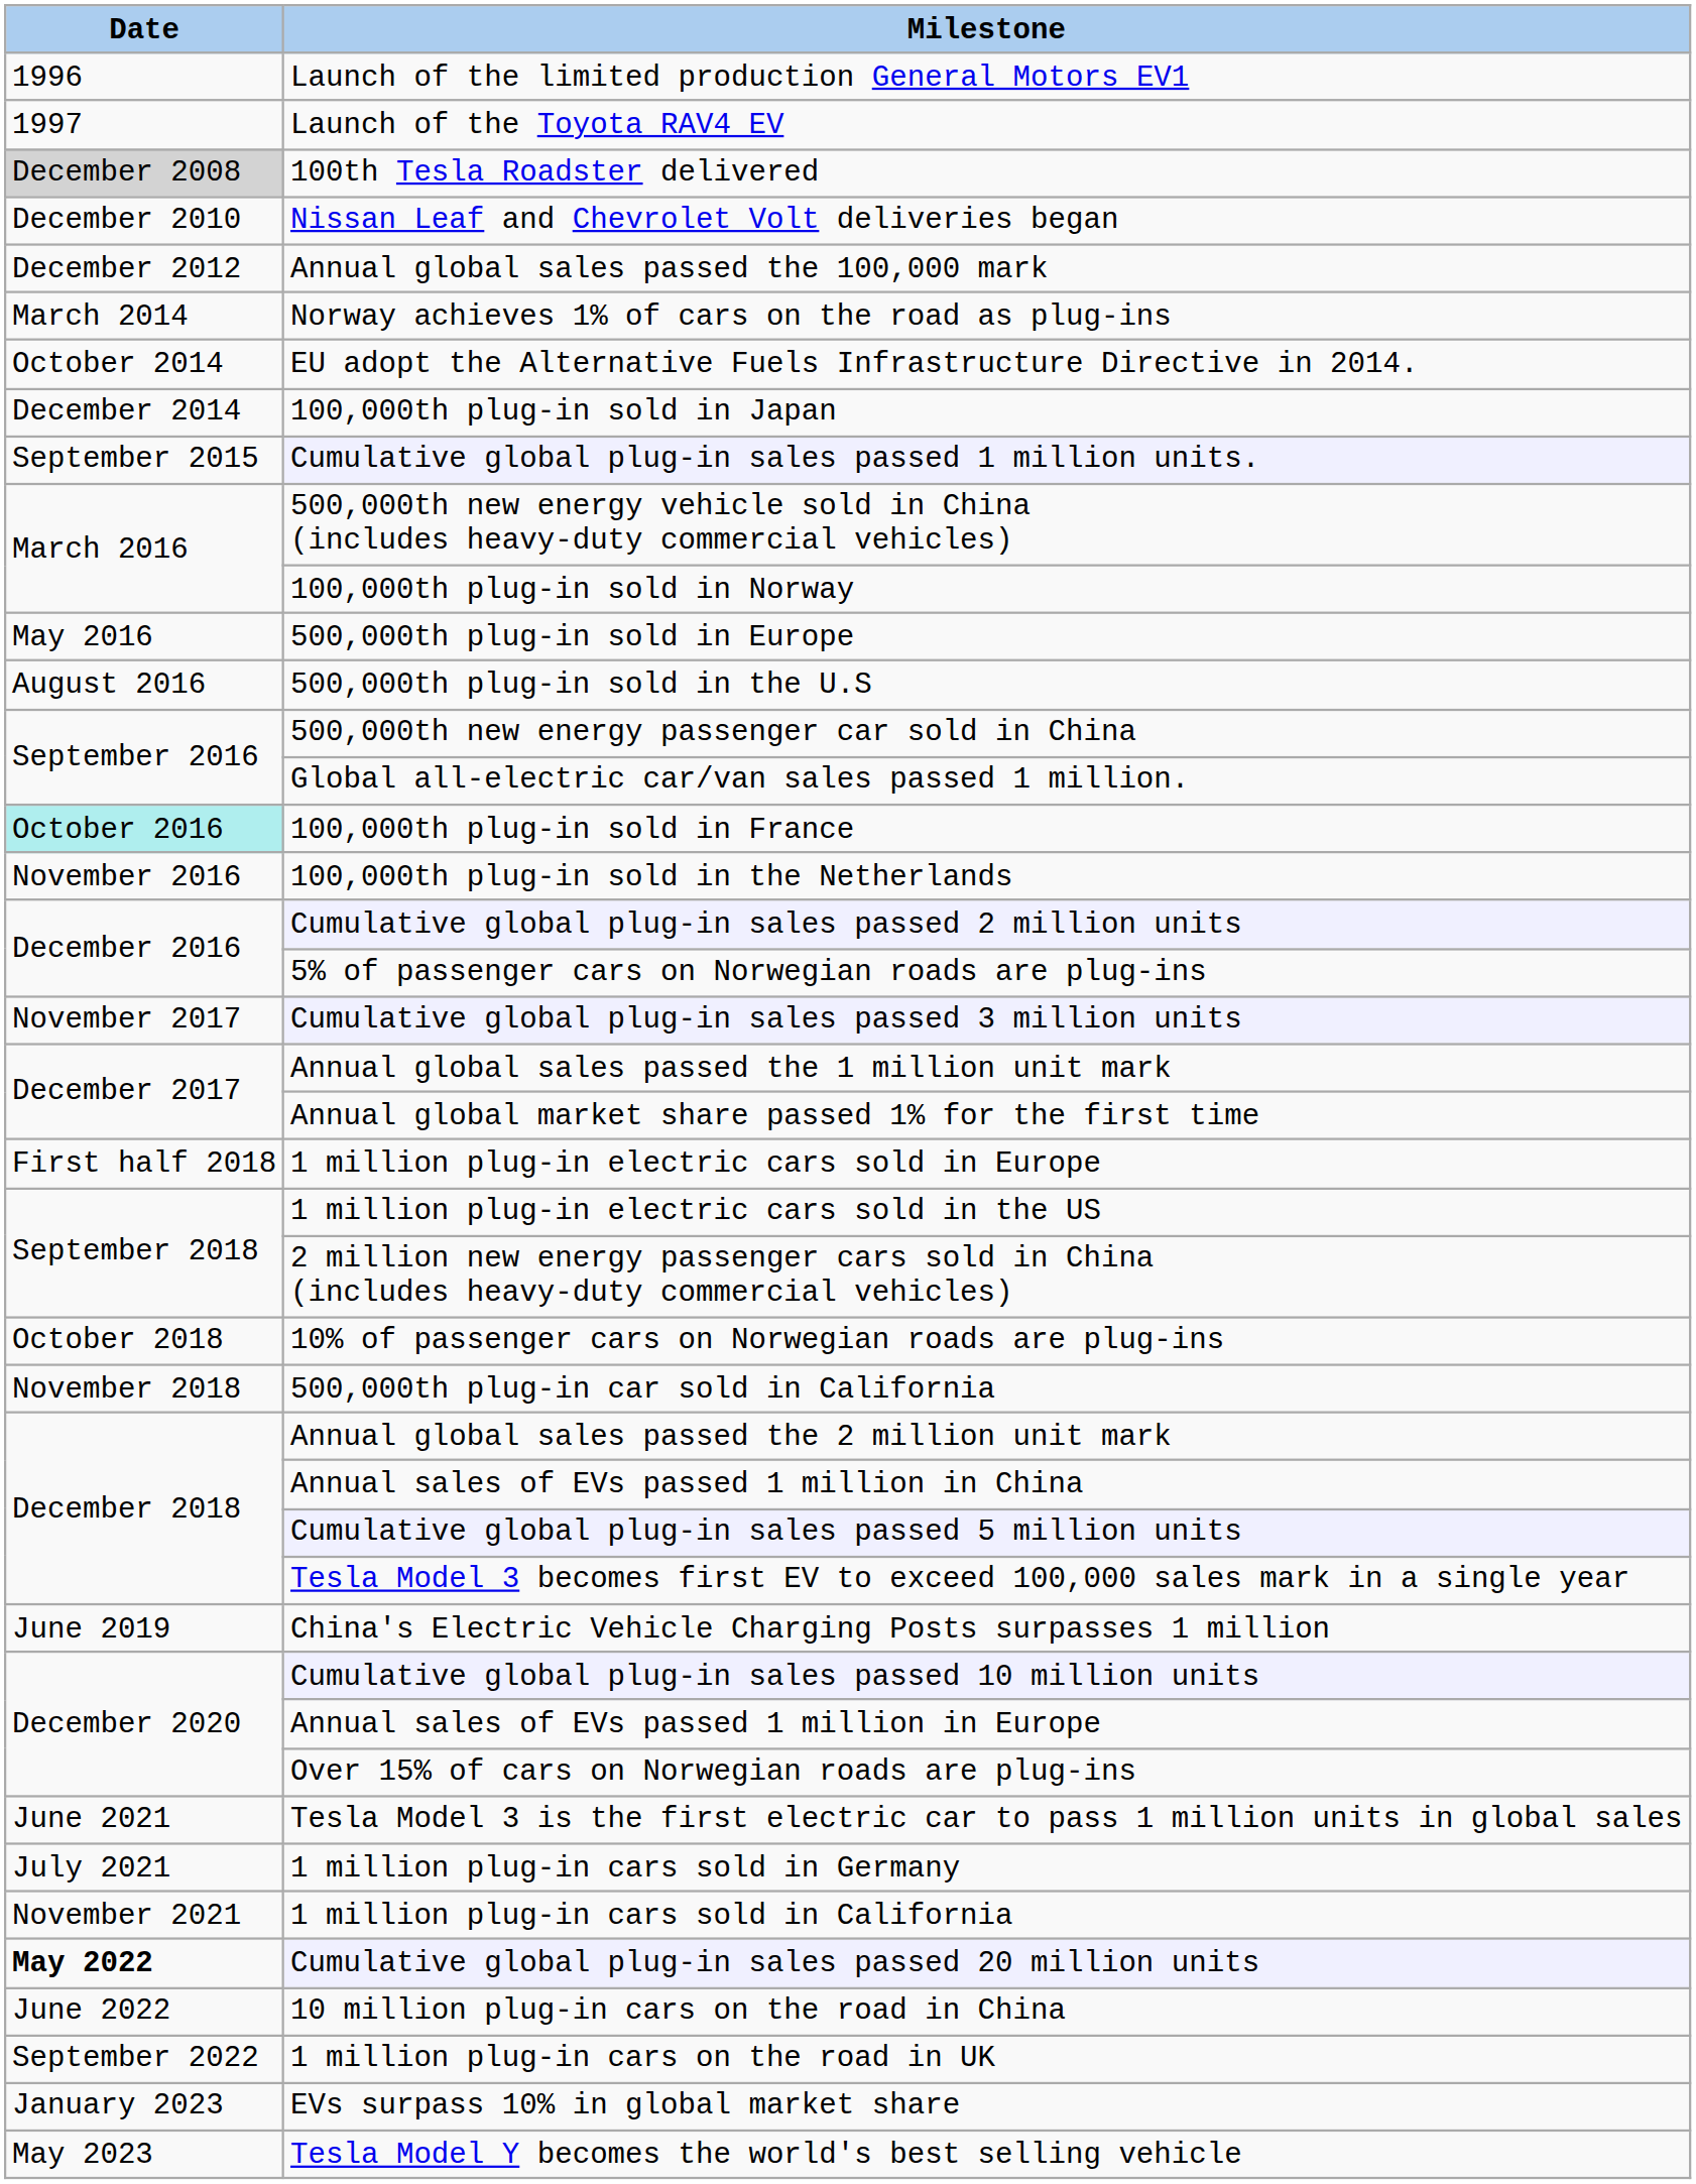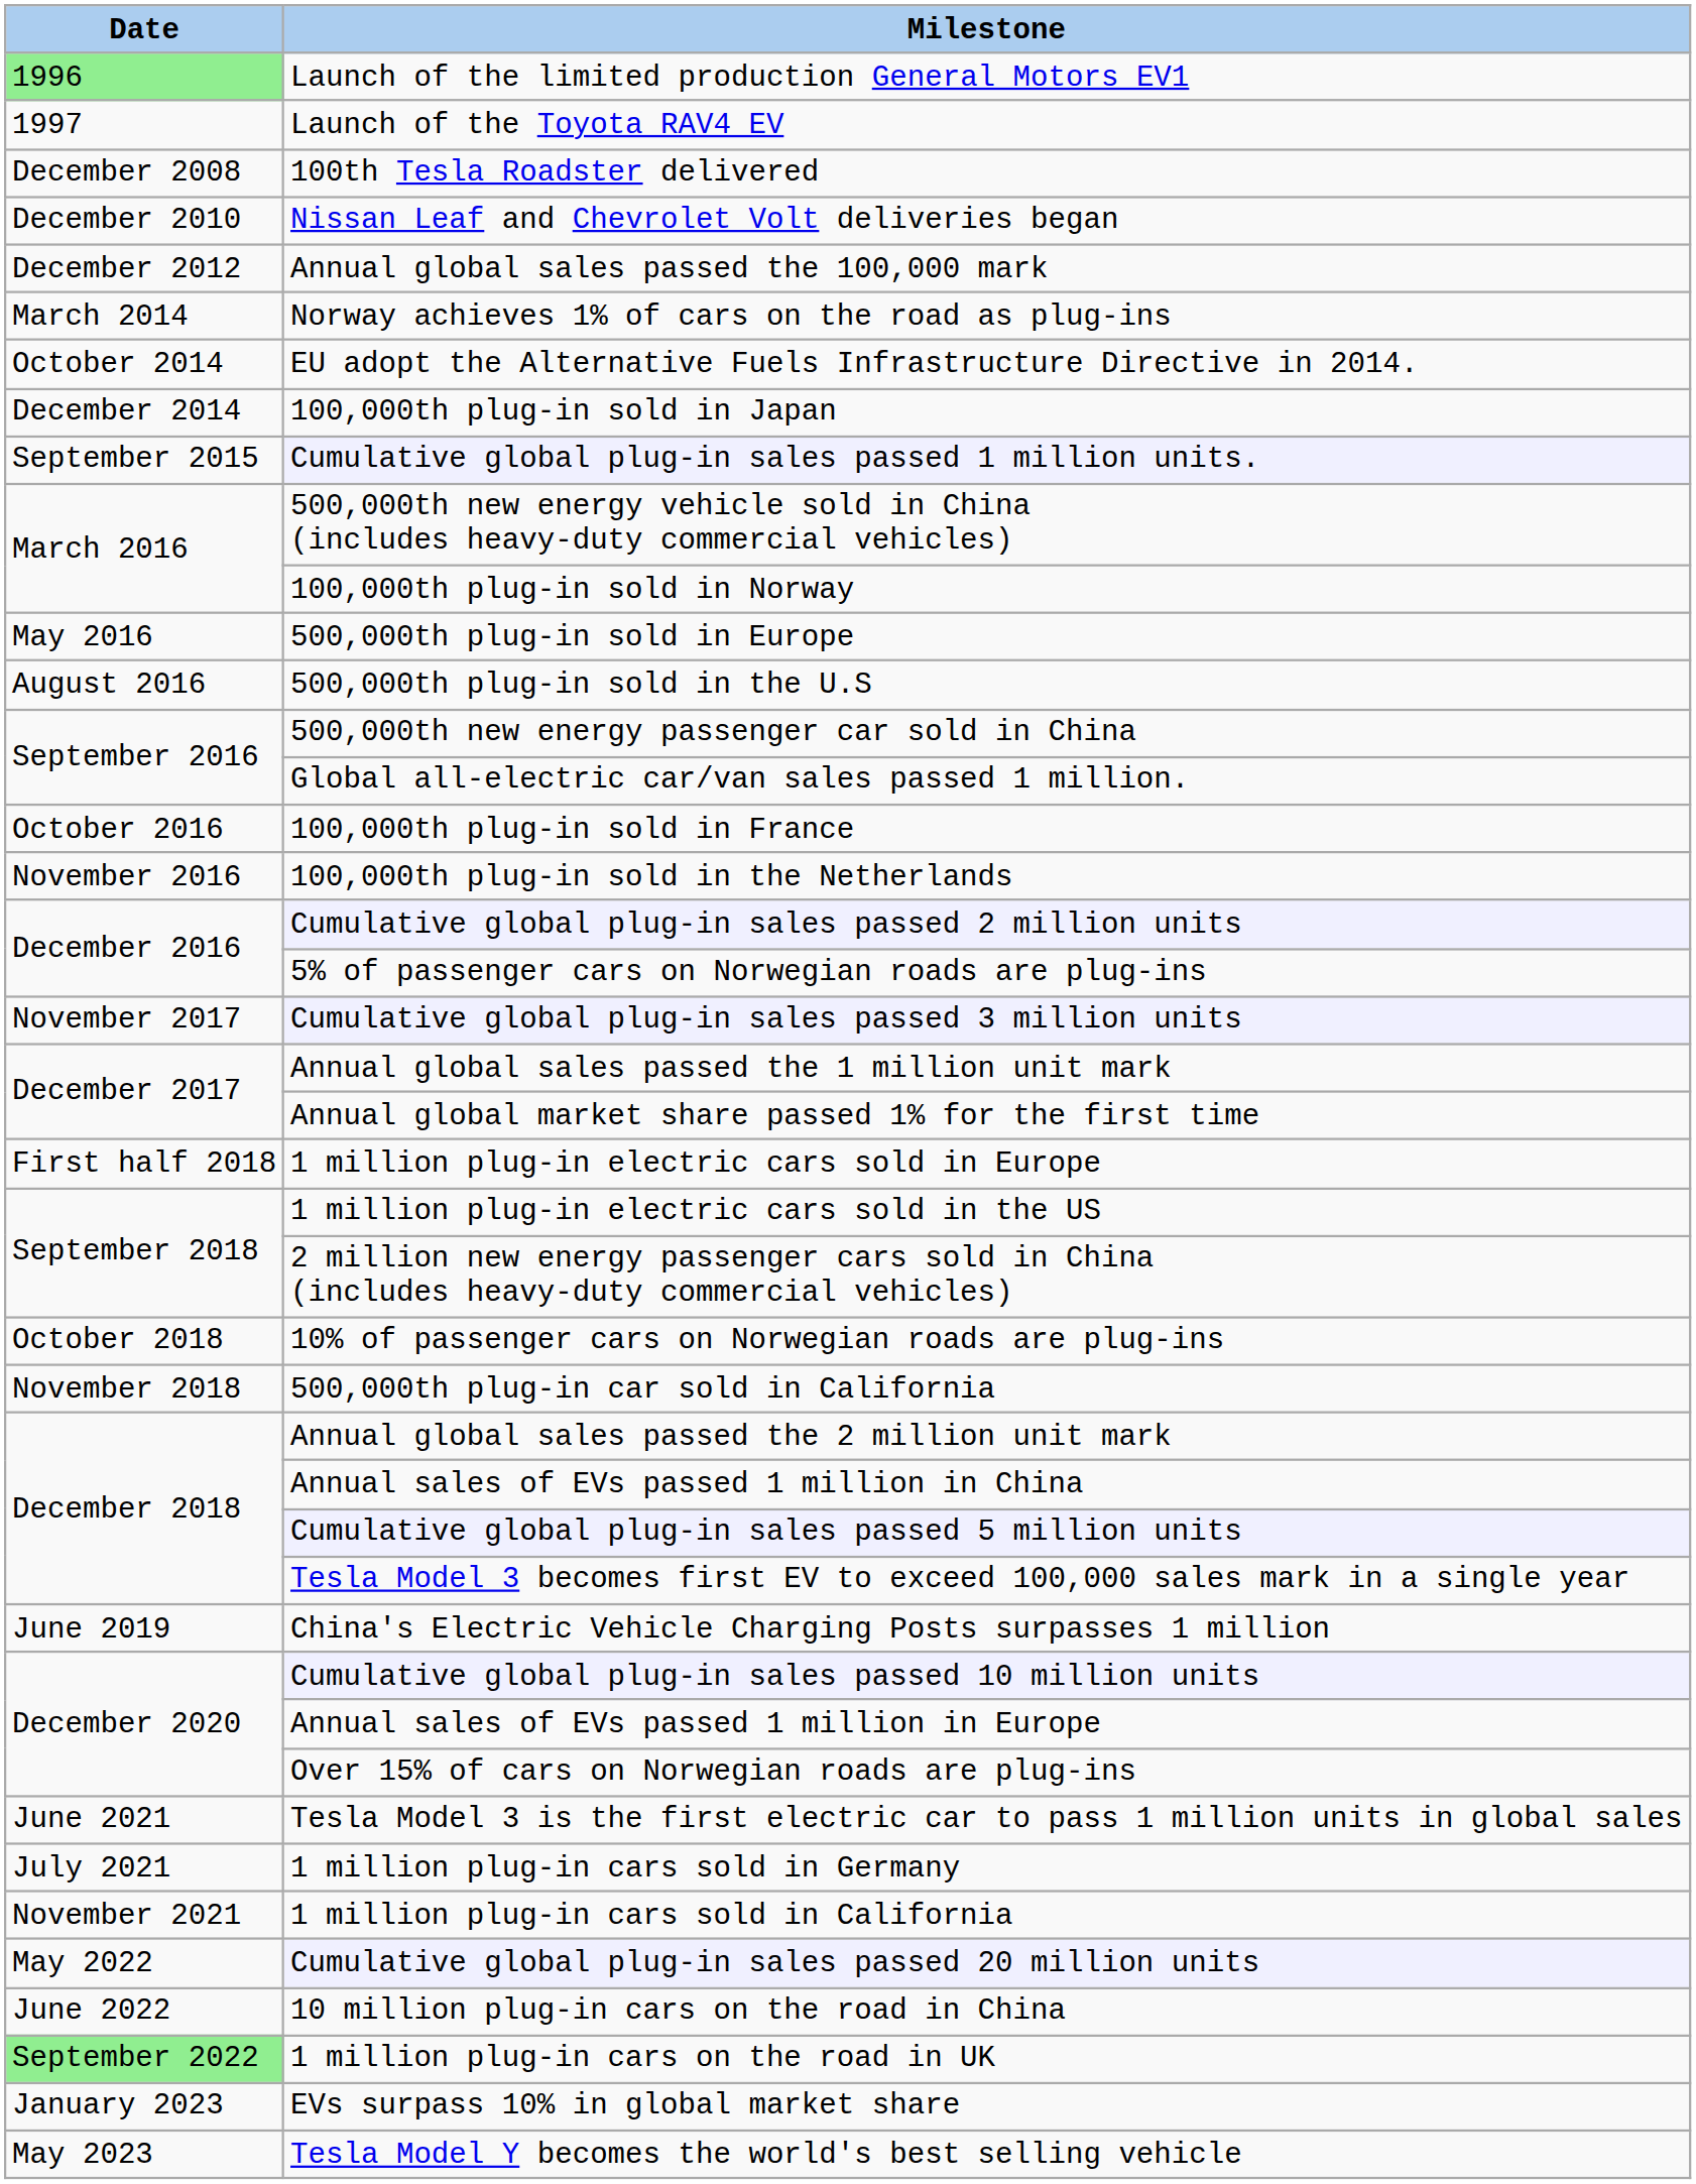 <table class="wikitable">
 <tr>
 <th style="background:#ABCDEF;">Date</th>
 <th style="background:#abcdef;">Milestone</th>
 </tr>
 <tr>
-<td>1996</td>
+<td style="background: lightgreen;">1996</td>
 <td>Launch of the limited production <a href='#'>General Motors EV1</a></td>
 </tr>
 <tr>
 <td>1997</td>
 <td>Launch of the <a href='#'>Toyota RAV4 EV</a></td>
 </tr>
 <tr>
-<td style="background: lightgrey;">December 2008</td>
+<td>December 2008</td>
 <td>100th <a href='#'>Tesla Roadster</a> delivered</td>
 </tr>
 <tr>
 <td>December 2010</td>
 <td><a href='#'>Nissan Leaf</a> and <a href='#'>Chevrolet Volt</a> deliveries began</td>
 </tr>
 <tr>
 <td>December 2012</td>
 <td>Annual global sales passed the 100,000 mark</td>
 </tr>
 <tr>
 <td>March 2014</td>
 <td>Norway achieves 1% of cars on the road as plug-ins</td>
 </tr>
 <tr>
 <td>October 2014</td>
 <td>EU adopt the Alternative Fuels Infrastructure Directive in 2014.</td>
 </tr>
 <tr>
 <td>December 2014</td>
 <td>100,000th plug-in sold in Japan</td>
 </tr>
 <tr>
 <td>September 2015</td>
 <td style="background:#f0f0ff;">Cumulative global plug-in sales passed 1 million units.</td>
 </tr>
 <tr>
 <td rowspan="2">March 2016</td>
 <td>500,000th new energy vehicle sold in China<br> (includes heavy-duty commercial vehicles)</td>
 </tr>
 <tr>
 <td>100,000th plug-in sold in Norway</td>
 </tr>
 <tr>
 <td>May 2016</td>
 <td>500,000th plug-in sold in Europe</td>
 </tr>
 <tr>
 <td>August 2016</td>
 <td>500,000th plug-in sold in the U.S</td>
 </tr>
 <tr>
 <td rowspan="2">September 2016</td>
 <td>500,000th new energy passenger car sold in China</td>
 </tr>
 <tr>
 <td>Global all-electric car/van sales passed 1 million.</td>
 </tr>
 <tr>
-<td style="background: paleturquoise;">October 2016</td>
+<td>October 2016</td>
 <td>100,000th plug-in sold in France</td>
 </tr>
 <tr>
 <td>November 2016</td>
 <td>100,000th plug-in sold in the Netherlands</td>
 </tr>
 <tr>
 <td rowspan="2">December 2016</td>
 <td style="background:#f0f0ff;">Cumulative global plug-in sales passed 2 million units</td>
 </tr>
 <tr>
 <td>5% of passenger cars on Norwegian roads are plug-ins</td>
 </tr>
 <tr>
 <td>November 2017</td>
 <td style="background:#f0f0ff;">Cumulative global plug-in sales passed 3 million units</td>
 </tr>
 <tr>
 <td rowspan="2">December 2017</td>
 <td>Annual global sales passed the 1 million unit mark</td>
 </tr>
 <tr>
 <td>Annual global market share passed 1% for the first time</td>
 </tr>
 <tr>
 <td>First half 2018</td>
 <td>1 million plug-in electric cars sold in Europe</td>
 </tr>
 <tr>
 <td rowspan="2">September 2018</td>
 <td>1 million plug-in electric cars sold in the US</td>
 </tr>
 <tr>
 <td>2 million new energy passenger cars sold in China<br>(includes heavy-duty commercial vehicles)</td>
 </tr>
 <tr>
 <td>October 2018</td>
 <td>10% of passenger cars on Norwegian roads are plug-ins</td>
 </tr>
 <tr>
 <td>November 2018</td>
 <td>500,000th plug-in car sold in California</td>
 </tr>
 <tr>
 <td rowspan="4">December 2018</td>
 <td>Annual global sales passed the 2 million unit mark</td>
 </tr>
 <tr>
 <td>Annual sales of EVs passed 1 million in China</td>
 </tr>
 <tr>
 <td style="background:#f0f0ff;">Cumulative global plug-in sales passed 5 million units</td>
 </tr>
 <tr>
 <td><a href='#'>Tesla Model 3</a> becomes first EV to exceed 100,000 sales mark in a single year</td>
 </tr>
 <tr>
 <td>June 2019</td>
 <td>China's Electric Vehicle Charging Posts surpasses 1 million</td>
 </tr>
 <tr>
 <td rowspan="3">December 2020</td>
 <td style="background:#f0f0ff;">Cumulative global plug-in sales passed 10 million units</td>
 </tr>
 <tr>
 <td>Annual sales of EVs passed 1 million in Europe</td>
 </tr>
 <tr>
 <td>Over 15% of cars on Norwegian roads are plug-ins</td>
 </tr>
 <tr>
 <td>June 2021</td>
 <td>Tesla Model 3 is the first electric car to pass 1 million units in global sales</td>
 </tr>
 <tr>
 <td>July 2021</td>
 <td>1 million plug-in cars sold in Germany</td>
 </tr>
 <tr>
 <td>November 2021</td>
 <td>1 million plug-in cars sold in California</td>
 </tr>
 <tr>
-<td><strong>May 2022</strong></td>
+<td>May 2022</td>
 <td style="background:#f0f0ff;">Cumulative global plug-in sales passed 20 million units</td>
 </tr>
 <tr>
 <td>June 2022</td>
 <td>10 million plug-in cars on the road in China</td>
 </tr>
 <tr>
-<td>September 2022</td>
+<td style="background: lightgreen;">September 2022</td>
 <td>1 million plug-in cars on the road in UK</td>
 </tr>
 <tr>
 <td>January 2023</td>
 <td>EVs surpass 10% in global market share</td>
 </tr>
 <tr>
 <td>May 2023</td>
 <td><a href='#'>Tesla Model Y</a> becomes the world's best selling vehicle</td>
 </tr>
 </table>
